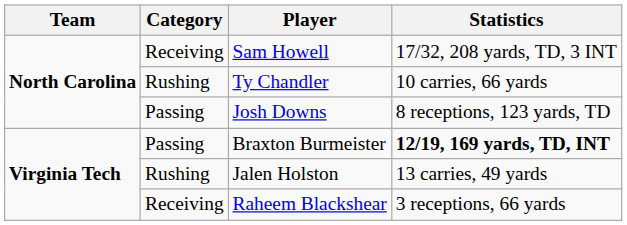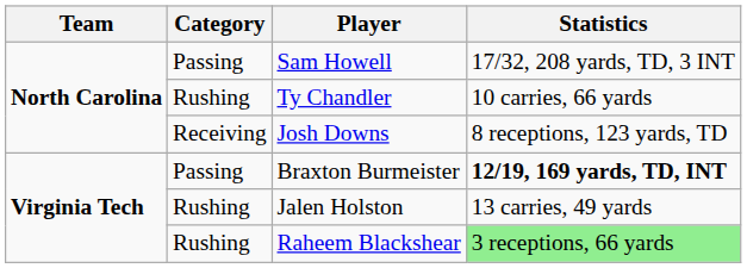 <table class="wikitable" style="float: left;">
 <tr>
 <th>Team</th>
 <th>Category</th>
 <th>Player</th>
 <th>Statistics</th>
 </tr>
 <tr>
 <td rowspan=3><strong>North Carolina</strong></td>
-<td>Receiving</td>
+<td>Passing</td>
 <td><a href='#'>Sam Howell</a></td>
 <td>17/32, 208 yards, TD, 3 INT</td>
 </tr>
 <tr>
 <td>Rushing</td>
 <td><a href='#'>Ty Chandler</a></td>
 <td>10 carries, 66 yards</td>
 </tr>
 <tr>
-<td>Passing</td>
+<td>Receiving</td>
 <td><a href='#'>Josh Downs</a></td>
 <td>8 receptions, 123 yards, TD</td>
 </tr>
 <tr>
 <td rowspan=3><strong>Virginia Tech</strong></td>
 <td>Passing</td>
 <td>Braxton Burmeister</td>
 <td><strong>12/19, 169 yards, TD, INT</strong></td>
 </tr>
 <tr>
 <td>Rushing</td>
 <td>Jalen Holston</td>
 <td>13 carries, 49 yards</td>
 </tr>
 <tr>
-<td>Receiving</td>
+<td>Rushing</td>
 <td><a href='#'>Raheem Blackshear</a></td>
-<td>3 receptions, 66 yards</td>
+<td style="background: lightgreen;">3 receptions, 66 yards</td>
 </tr>
 </table>
